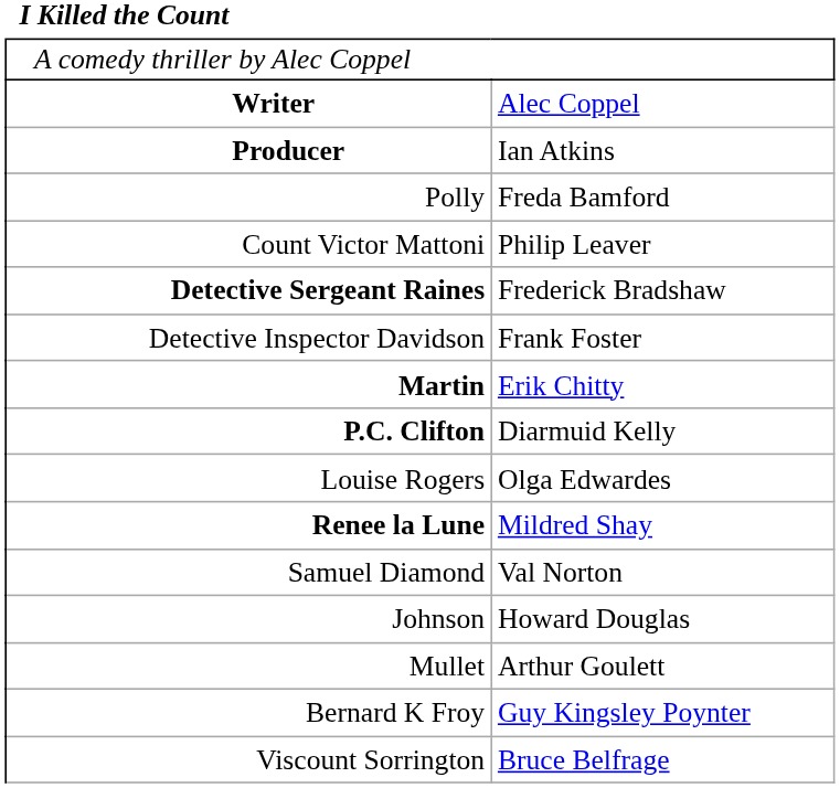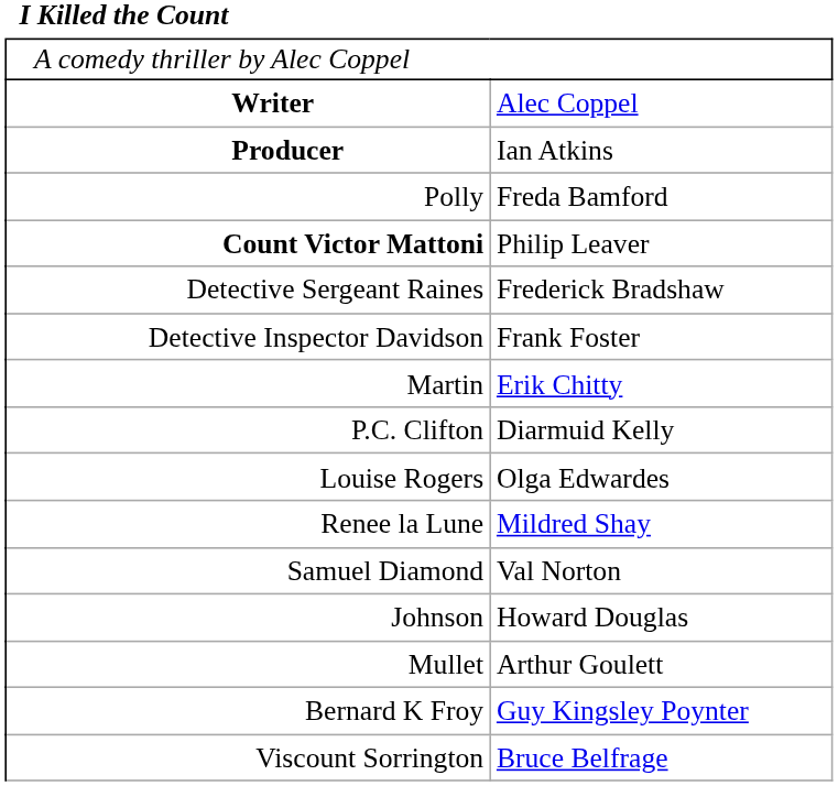 <table class="wikitable mw-collapsible mw-collapsed" style="vertical-align:top;margin:auto 2em;line-height:1.2;max-width:33em;background-color:inherit;border:none;">
 <tr>
 <td class=unsortable style="border:hidden;line-height:1.67;margin-left:-1em;text-align:center;padding-left:0.5em;min-width:1.0em;"></td>
 <td class=unsortable style="border-style:none;padding-left:0.5em;text-align:left;min-width:16.5em;font-weight:700;font-style:italic;">I Killed the Count</td>
 <td class=unsortable style="border-style:none;text-align:right;font-weight:normal; font-size:95%; min-width:8.5em;padding-right:0.2em;"></td>
 <td class=unsortable style="border-style:none;min-width:3.5em;padding-left:0;"></td>
 <td class=unsortable style="border:hidden;min-width:3.5em;font-size:95%;"></td>
 </tr>
 <tr>
 <td rowspan=100 style="border:none thin;border-right-style :solid;"></td>
 <td colspan=3 style="text-align:left;padding:0.1em 1em;font-style:italic;border: solid thin;">A comedy thriller by Alec Coppel<br></td>
 </tr>
 <tr>
 <td style="text-align:left;padding-left:8em;font-weight:bold;">Writer</td>
 <td colspan=2><a href='#'>Alec Coppel</a></td>
 </tr>
 <tr>
 <td style="text-align:left;padding-left:8em;font-weight:bold;">Producer</td>
 <td colspan=2>Ian Atkins</td>
 </tr>
 <tr>
 <td style="text-align:right;">Polly</td>
 <td colspan=2>Freda Bamford</td>
 </tr>
 <tr>
-<td style="text-align:right;">Count Victor Mattoni</td>
+<td style="text-align:right;"><strong>Count Victor Mattoni</strong></td>
 <td colspan=2>Philip Leaver</td>
 </tr>
 <tr>
-<td style="text-align:right;"><strong>Detective Sergeant Raines</strong></td>
+<td style="text-align:right;">Detective Sergeant Raines</td>
 <td colspan=2>Frederick Bradshaw</td>
 </tr>
 <tr>
 <td style="text-align:right;">Detective Inspector Davidson</td>
 <td colspan=2>Frank Foster</td>
 </tr>
 <tr>
-<td style="text-align:right;"><strong>Martin</strong></td>
+<td style="text-align:right;">Martin</td>
 <td colspan=2><a href='#'>Erik Chitty</a></td>
 </tr>
 <tr>
-<td style="text-align:right;"><strong>P.C. Clifton</strong></td>
+<td style="text-align:right;">P.C. Clifton</td>
 <td colspan=2>Diarmuid Kelly</td>
 </tr>
 <tr>
 <td style="text-align:right;">Louise Rogers</td>
 <td colspan=2>Olga Edwardes</td>
 </tr>
 <tr>
-<td style="text-align:right;"><strong>Renee la Lune</strong></td>
+<td style="text-align:right;">Renee la Lune</td>
 <td colspan=2><a href='#'>Mildred Shay</a></td>
 </tr>
 <tr>
 <td style="text-align:right;">Samuel Diamond</td>
 <td colspan=2>Val Norton</td>
 </tr>
 <tr>
 <td style="text-align:right;">Johnson</td>
 <td colspan=2>Howard Douglas</td>
 </tr>
 <tr>
 <td style="text-align:right;">Mullet</td>
 <td colspan=2>Arthur Goulett</td>
 </tr>
 <tr>
 <td style="text-align:right;">Bernard K Froy</td>
 <td colspan=2><a href='#'>Guy Kingsley Poynter</a></td>
 </tr>
 <tr>
 <td style="text-align:right;">Viscount Sorrington</td>
 <td colspan=2><a href='#'>Bruce Belfrage</a></td>
 </tr>
 </table>
